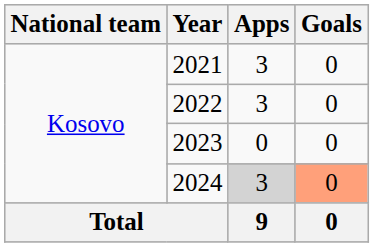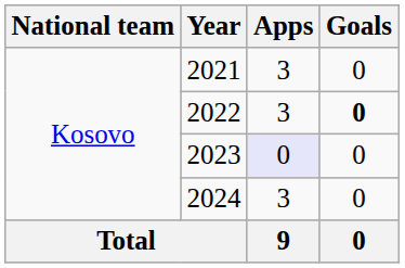 <table class="wikitable" style="text-align:center">
 <tr>
 <th>National team</th>
 <th>Year</th>
 <th>Apps</th>
 <th>Goals</th>
 </tr>
 <tr>
 <td rowspan="4"><a href='#'>Kosovo</a></td>
 <td>2021</td>
 <td>3</td>
 <td>0</td>
 </tr>
 <tr>
 <td>2022</td>
 <td>3</td>
-<td>0</td>
+<td><strong>0</strong></td>
 </tr>
 <tr>
 <td>2023</td>
-<td>0</td>
+<td style="background: lavender;">0</td>
 <td>0</td>
 </tr>
 <tr>
 <td>2024</td>
-<td style="background: lightgrey;">3</td>
-<td style="background: lightsalmon;">0</td>
+<td>3</td>
+<td>0</td>
 </tr>
 <tr>
 <th colspan="2">Total</th>
 <th>9</th>
 <th>0</th>
 </tr>
 </table>
